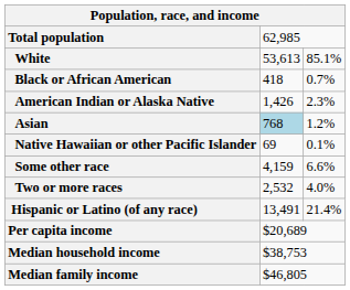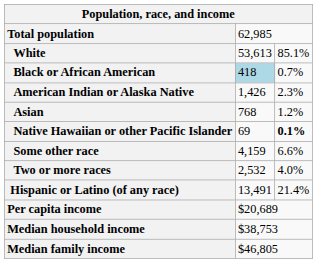 <table class="wikitable collapsible collapsed">
 <tr>
 <th colspan=6>Population, race, and income</th>
 </tr>
 <tr>
 <th scope="row" style="text-align: left;">Total population</th>
 <td colspan=2>62,985</td>
 </tr>
 <tr>
 <th scope="row" style="text-align: left;">  White</th>
 <td>53,613</td>
 <td>85.1%</td>
 </tr>
 <tr>
 <th scope="row" style="text-align: left;">  Black or African American</th>
-<td>418</td>
+<td style="background: lightblue;">418</td>
 <td>0.7%</td>
 </tr>
 <tr>
 <th scope="row" style="text-align: left;">  American Indian or Alaska Native</th>
 <td>1,426</td>
 <td>2.3%</td>
 </tr>
 <tr>
 <th scope="row" style="text-align: left;">  Asian</th>
-<td style="background: lightblue;">768</td>
+<td>768</td>
 <td>1.2%</td>
 </tr>
 <tr>
 <th scope="row" style="text-align: left;">  Native Hawaiian or other Pacific Islander</th>
 <td>69</td>
-<td>0.1%</td>
+<td><strong>0.1%</strong></td>
 </tr>
 <tr>
 <th scope="row" style="text-align: left;">  Some other race</th>
 <td>4,159</td>
 <td>6.6%</td>
 </tr>
 <tr>
 <th scope="row" style="text-align: left;">  Two or more races</th>
 <td>2,532</td>
 <td>4.0%</td>
 </tr>
 <tr>
 <th scope="row" style="text-align: left;"> Hispanic or Latino (of any race)</th>
 <td>13,491</td>
 <td>21.4%</td>
 </tr>
 <tr>
 <th scope="row" style="text-align: left;">Per capita income</th>
 <td colspan=2>$20,689</td>
 </tr>
 <tr>
 <th scope="row" style="text-align: left;">Median household income</th>
 <td colspan=2>$38,753</td>
 </tr>
 <tr>
 <th scope="row" style="text-align: left;">Median family income</th>
 <td colspan=2>$46,805</td>
 </tr>
 </table>
